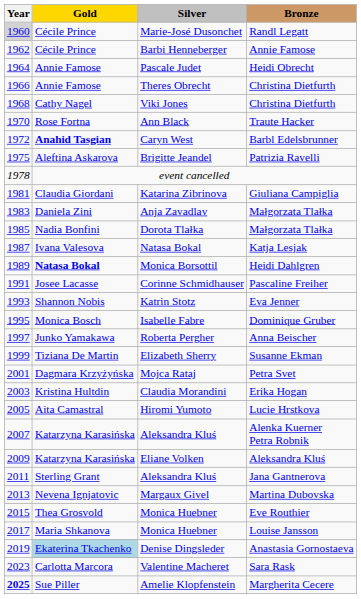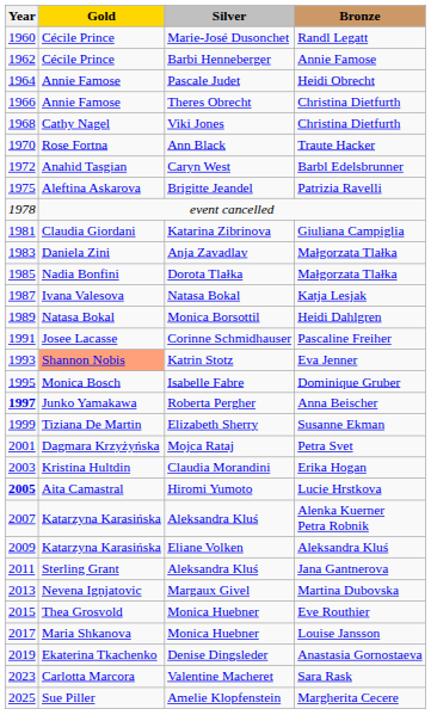 <table class="wikitable">
 <tr>
 <th>Year</th>
 <td align=center bgcolor=gold><strong>Gold</strong></td>
 <td align=center bgcolor=silver><strong>Silver</strong></td>
 <td align=center bgcolor=cc9966><strong>Bronze</strong></td>
 </tr>
 <tr>
-<td style="background: lightgrey;"><a href='#'>1960</a></td>
+<td><a href='#'>1960</a></td>
 <td> <a href='#'>Cécile Prince</a></td>
 <td> <a href='#'>Marie-José Dusonchet</a></td>
 <td> <a href='#'>Randl Legatt</a></td>
 </tr>
 <tr>
 <td><a href='#'>1962</a></td>
 <td> <a href='#'>Cécile Prince</a></td>
 <td> <a href='#'>Barbi Henneberger</a></td>
 <td> <a href='#'>Annie Famose</a></td>
 </tr>
 <tr>
 <td><a href='#'>1964</a></td>
 <td> <a href='#'>Annie Famose</a></td>
 <td> <a href='#'>Pascale Judet</a></td>
 <td> <a href='#'>Heidi Obrecht</a></td>
 </tr>
 <tr>
 <td><a href='#'>1966</a></td>
 <td> <a href='#'>Annie Famose</a></td>
 <td> <a href='#'>Theres Obrecht</a></td>
 <td> <a href='#'>Christina Dietfurth</a></td>
 </tr>
 <tr>
 <td><a href='#'>1968</a></td>
 <td> <a href='#'>Cathy Nagel</a></td>
 <td> <a href='#'>Viki Jones</a></td>
 <td> <a href='#'>Christina Dietfurth</a></td>
 </tr>
 <tr>
 <td><a href='#'>1970</a></td>
 <td> <a href='#'>Rose Fortna</a></td>
 <td> <a href='#'>Ann Black</a></td>
 <td> <a href='#'>Traute Hacker</a></td>
 </tr>
 <tr>
 <td><a href='#'>1972</a></td>
-<td><strong> <a href='#'>Anahid Tasgian</a></strong></td>
+<td> <a href='#'>Anahid Tasgian</a></td>
 <td> <a href='#'>Caryn West</a></td>
 <td> <a href='#'>Barbl Edelsbrunner</a></td>
 </tr>
 <tr>
 <td><a href='#'>1975</a></td>
 <td> <a href='#'>Aleftina Askarova</a></td>
 <td> <a href='#'>Brigitte Jeandel</a></td>
 <td> <a href='#'>Patrizia Ravelli</a></td>
 </tr>
 <tr>
 <td><em>1978</em></td>
 <td colspan=3 align=center><em>event cancelled</em></td>
 </tr>
 <tr>
 <td><a href='#'>1981</a></td>
 <td> <a href='#'>Claudia Giordani</a></td>
 <td> <a href='#'>Katarina Zibrinova</a></td>
 <td> <a href='#'>Giuliana Campiglia</a></td>
 </tr>
 <tr>
 <td><a href='#'>1983</a></td>
 <td> <a href='#'>Daniela Zini</a></td>
 <td> <a href='#'>Anja Zavadlav</a></td>
 <td> <a href='#'>Małgorzata Tlałka</a></td>
 </tr>
 <tr>
 <td><a href='#'>1985</a></td>
 <td> <a href='#'>Nadia Bonfini</a></td>
 <td> <a href='#'>Dorota Tlałka</a></td>
 <td> <a href='#'>Małgorzata Tlałka</a></td>
 </tr>
 <tr>
 <td><a href='#'>1987</a></td>
 <td> <a href='#'>Ivana Valesova</a></td>
 <td> <a href='#'>Natasa Bokal</a></td>
 <td> <a href='#'>Katja Lesjak</a></td>
 </tr>
 <tr>
 <td><a href='#'>1989</a></td>
-<td><strong> <a href='#'>Natasa Bokal</a></strong></td>
+<td> <a href='#'>Natasa Bokal</a></td>
 <td> <a href='#'>Monica Borsottil</a></td>
 <td> <a href='#'>Heidi Dahlgren</a></td>
 </tr>
 <tr>
 <td><a href='#'>1991</a></td>
 <td> <a href='#'>Josee Lacasse</a></td>
 <td> <a href='#'>Corinne Schmidhauser</a></td>
 <td> <a href='#'>Pascaline Freiher</a></td>
 </tr>
 <tr>
 <td><a href='#'>1993</a></td>
-<td> <a href='#'>Shannon Nobis</a></td>
+<td style="background: lightsalmon;"> <a href='#'>Shannon Nobis</a></td>
 <td> <a href='#'>Katrin Stotz</a></td>
 <td> <a href='#'>Eva Jenner</a></td>
 </tr>
 <tr>
 <td><a href='#'>1995</a></td>
 <td> <a href='#'>Monica Bosch</a></td>
 <td> <a href='#'>Isabelle Fabre</a></td>
 <td> <a href='#'>Dominique Gruber</a></td>
 </tr>
 <tr>
-<td><a href='#'>1997</a></td>
+<td><strong><a href='#'>1997</a></strong></td>
 <td> <a href='#'>Junko Yamakawa</a></td>
 <td> <a href='#'>Roberta Pergher</a></td>
 <td> <a href='#'>Anna Beischer</a></td>
 </tr>
 <tr>
 <td><a href='#'>1999</a></td>
 <td> <a href='#'>Tiziana De Martin</a></td>
 <td> <a href='#'>Elizabeth Sherry</a></td>
 <td> <a href='#'>Susanne Ekman</a></td>
 </tr>
 <tr>
 <td><a href='#'>2001</a></td>
 <td> <a href='#'>Dagmara Krzyżyńska</a></td>
 <td> <a href='#'>Mojca Rataj</a></td>
 <td> <a href='#'>Petra Svet</a></td>
 </tr>
 <tr>
 <td><a href='#'>2003</a></td>
 <td> <a href='#'>Kristina Hultdin</a></td>
 <td> <a href='#'>Claudia Morandini</a></td>
 <td> <a href='#'>Erika Hogan</a></td>
 </tr>
 <tr>
-<td><a href='#'>2005</a></td>
+<td><strong><a href='#'>2005</a></strong></td>
 <td> <a href='#'>Aita Camastral</a></td>
 <td> <a href='#'>Hiromi Yumoto</a></td>
 <td> <a href='#'>Lucie Hrstkova</a></td>
 </tr>
 <tr>
 <td><a href='#'>2007</a></td>
 <td> <a href='#'>Katarzyna Karasińska</a></td>
 <td> <a href='#'>Aleksandra Kluś</a></td>
 <td> <a href='#'>Alenka Kuerner</a><br> <a href='#'>Petra Robnik</a></td>
 </tr>
 <tr>
 <td><a href='#'>2009</a></td>
 <td> <a href='#'>Katarzyna Karasińska</a></td>
 <td> <a href='#'>Eliane Volken</a></td>
 <td> <a href='#'>Aleksandra Kluś</a></td>
 </tr>
 <tr>
 <td><a href='#'>2011</a></td>
 <td> <a href='#'>Sterling Grant</a></td>
 <td> <a href='#'>Aleksandra Kluś</a></td>
 <td> <a href='#'>Jana Gantnerova</a></td>
 </tr>
 <tr>
 <td><a href='#'>2013</a></td>
 <td> <a href='#'>Nevena Ignjatovic</a></td>
 <td> <a href='#'>Margaux Givel</a></td>
 <td> <a href='#'>Martina Dubovska</a></td>
 </tr>
 <tr>
 <td><a href='#'>2015</a></td>
 <td> <a href='#'>Thea Grosvold</a></td>
 <td> <a href='#'>Monica Huebner</a></td>
 <td> <a href='#'>Eve Routhier</a></td>
 </tr>
 <tr>
 <td><a href='#'>2017</a></td>
 <td> <a href='#'>Maria Shkanova</a></td>
 <td> <a href='#'>Monica Huebner</a></td>
 <td> <a href='#'>Louise Jansson</a></td>
 </tr>
 <tr>
 <td><a href='#'>2019</a></td>
-<td style="background: lightblue;"> <a href='#'>Ekaterina Tkachenko</a></td>
+<td> <a href='#'>Ekaterina Tkachenko</a></td>
 <td> <a href='#'>Denise Dingsleder</a></td>
 <td> <a href='#'>Anastasia Gornostaeva</a></td>
 </tr>
 <tr>
 <td><a href='#'>2023</a></td>
 <td> <a href='#'>Carlotta Marcora</a></td>
 <td> <a href='#'>Valentine Macheret</a></td>
 <td> <a href='#'>Sara Rask</a></td>
 </tr>
 <tr>
-<td><strong><a href='#'>2025</a></strong></td>
+<td><a href='#'>2025</a></td>
 <td> <a href='#'>Sue Piller</a></td>
 <td> <a href='#'>Amelie Klopfenstein</a></td>
 <td> <a href='#'>Margherita Cecere</a></td>
 </tr>
 </table>
